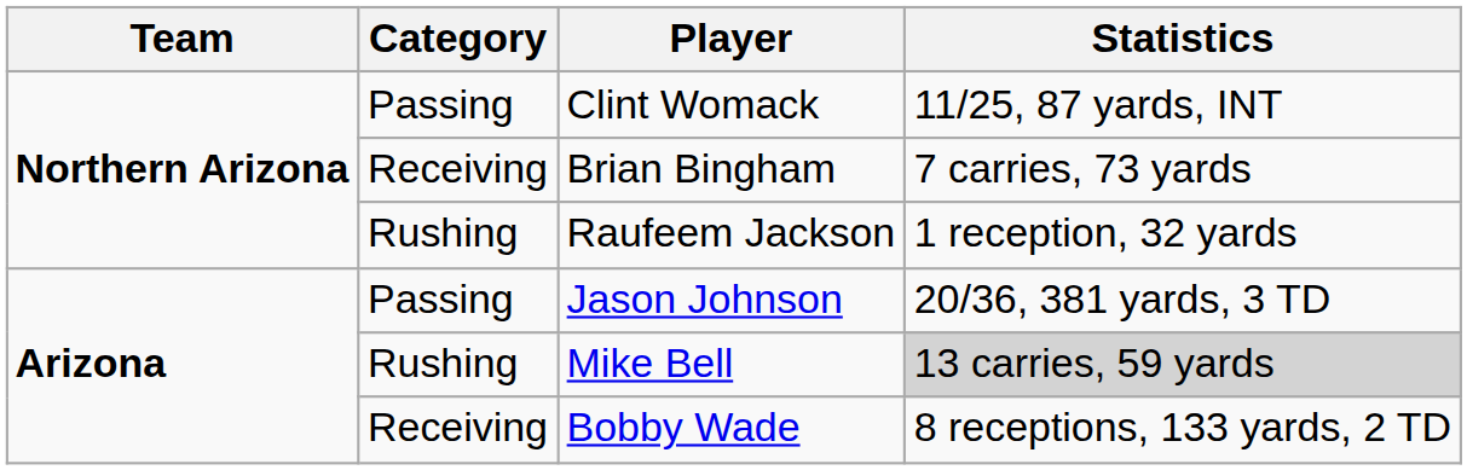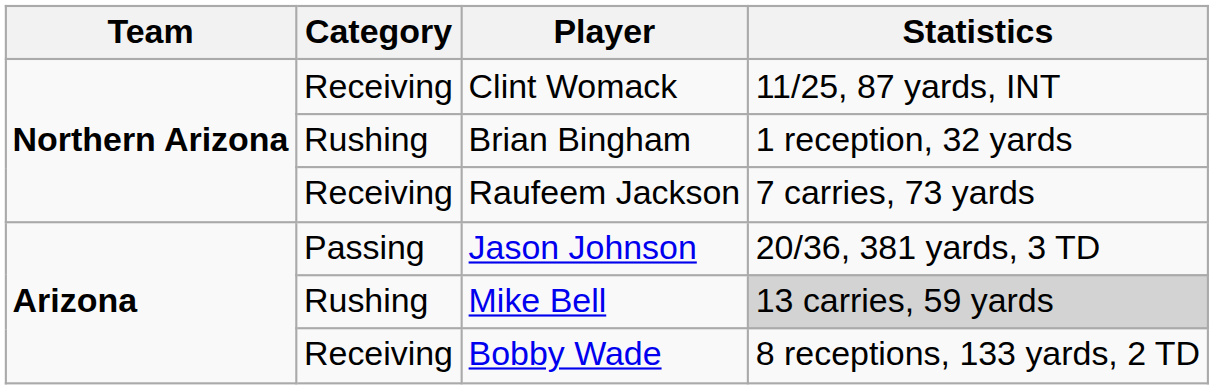 <table class="wikitable" style="float: right;">
 <tr>
 <th>Team</th>
 <th>Category</th>
 <th>Player</th>
 <th>Statistics</th>
 </tr>
 <tr>
 <td rowspan=3><strong>Northern Arizona</strong></td>
-<td>Passing</td>
+<td>Receiving</td>
 <td>Clint Womack</td>
 <td>11/25, 87 yards, INT</td>
 </tr>
 <tr>
-<td>Receiving</td>
+<td>Rushing</td>
 <td>Brian Bingham</td>
-<td>7 carries, 73 yards</td>
+<td>1 reception, 32 yards</td>
 </tr>
 <tr>
-<td>Rushing</td>
+<td>Receiving</td>
 <td>Raufeem Jackson</td>
-<td>1 reception, 32 yards</td>
+<td>7 carries, 73 yards</td>
 </tr>
 <tr>
 <td rowspan=3><strong>Arizona</strong></td>
 <td>Passing</td>
 <td><a href='#'>Jason Johnson</a></td>
 <td>20/36, 381 yards, 3 TD</td>
 </tr>
 <tr>
 <td>Rushing</td>
 <td><a href='#'>Mike Bell</a></td>
 <td style="background: lightgrey;">13 carries, 59 yards</td>
 </tr>
 <tr>
 <td>Receiving</td>
 <td><a href='#'>Bobby Wade</a></td>
 <td>8 receptions, 133 yards, 2 TD</td>
 </tr>
 </table>
